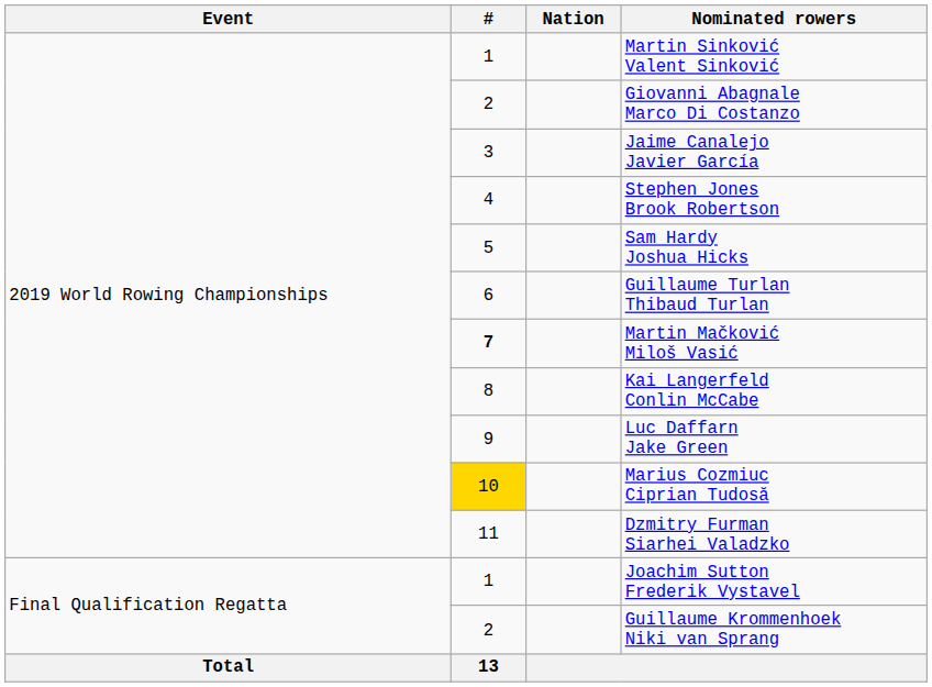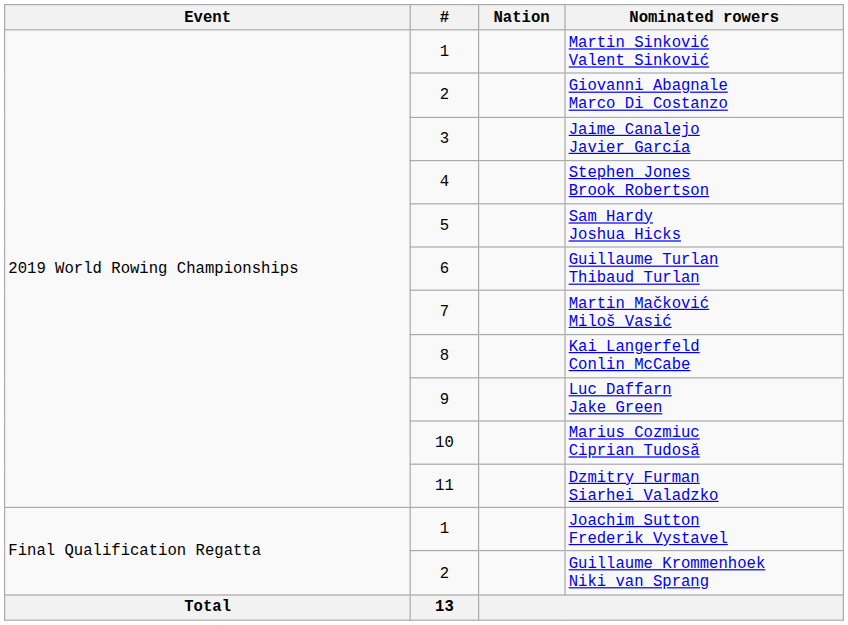 <table class="wikitable"  style="width:700px; text-align:center;">
 <tr>
 <th>Event</th>
 <th width=50>#</th>
 <th>Nation</th>
 <th>Nominated rowers</th>
 </tr>
 <tr>
 <td rowspan=11 align=left>2019 World Rowing Championships</td>
 <td>1</td>
 <td align=left></td>
 <td align=left><a href='#'>Martin Sinković</a><br><a href='#'>Valent Sinković</a></td>
 </tr>
 <tr>
 <td>2</td>
 <td align=left></td>
 <td align=left><a href='#'>Giovanni Abagnale</a><br><a href='#'>Marco Di Costanzo</a></td>
 </tr>
 <tr>
 <td>3</td>
 <td align=left></td>
 <td align=left><a href='#'>Jaime Canalejo</a><br><a href='#'>Javier García</a></td>
 </tr>
 <tr>
 <td>4</td>
 <td align=left></td>
 <td align=left><a href='#'>Stephen Jones</a><br><a href='#'>Brook Robertson</a></td>
 </tr>
 <tr>
 <td>5</td>
 <td align=left></td>
 <td align=left><a href='#'>Sam Hardy</a><br><a href='#'>Joshua Hicks</a></td>
 </tr>
 <tr>
 <td>6</td>
 <td align=left></td>
 <td align=left><a href='#'>Guillaume Turlan</a><br><a href='#'>Thibaud Turlan</a></td>
 </tr>
 <tr>
-<td><strong>7</strong></td>
+<td>7</td>
 <td align=left></td>
 <td align=left><a href='#'>Martin Mačković</a><br><a href='#'>Miloš Vasić</a></td>
 </tr>
 <tr>
 <td>8</td>
 <td align=left></td>
 <td align=left><a href='#'>Kai Langerfeld</a><br><a href='#'>Conlin McCabe</a></td>
 </tr>
 <tr>
 <td>9</td>
 <td align=left></td>
 <td align=left><a href='#'>Luc Daffarn</a><br><a href='#'>Jake Green</a></td>
 </tr>
 <tr>
-<td style="background: gold;">10</td>
+<td>10</td>
 <td align=left></td>
 <td align=left><a href='#'>Marius Cozmiuc</a><br><a href='#'>Ciprian Tudosă</a></td>
 </tr>
 <tr>
 <td>11</td>
 <td align=left></td>
 <td align=left><a href='#'>Dzmitry Furman</a><br><a href='#'>Siarhei Valadzko</a></td>
 </tr>
 <tr>
 <td rowspan=2 align=left>Final Qualification Regatta</td>
 <td>1</td>
 <td align=left></td>
 <td align=left><a href='#'>Joachim Sutton</a><br><a href='#'>Frederik Vystavel</a></td>
 </tr>
 <tr>
 <td>2</td>
 <td align=left></td>
 <td align=left><a href='#'>Guillaume Krommenhoek</a><br><a href='#'>Niki van Sprang</a></td>
 </tr>
 <tr>
 <th>Total</th>
 <th>13</th>
 <th colspan=2></th>
 </tr>
 </table>
